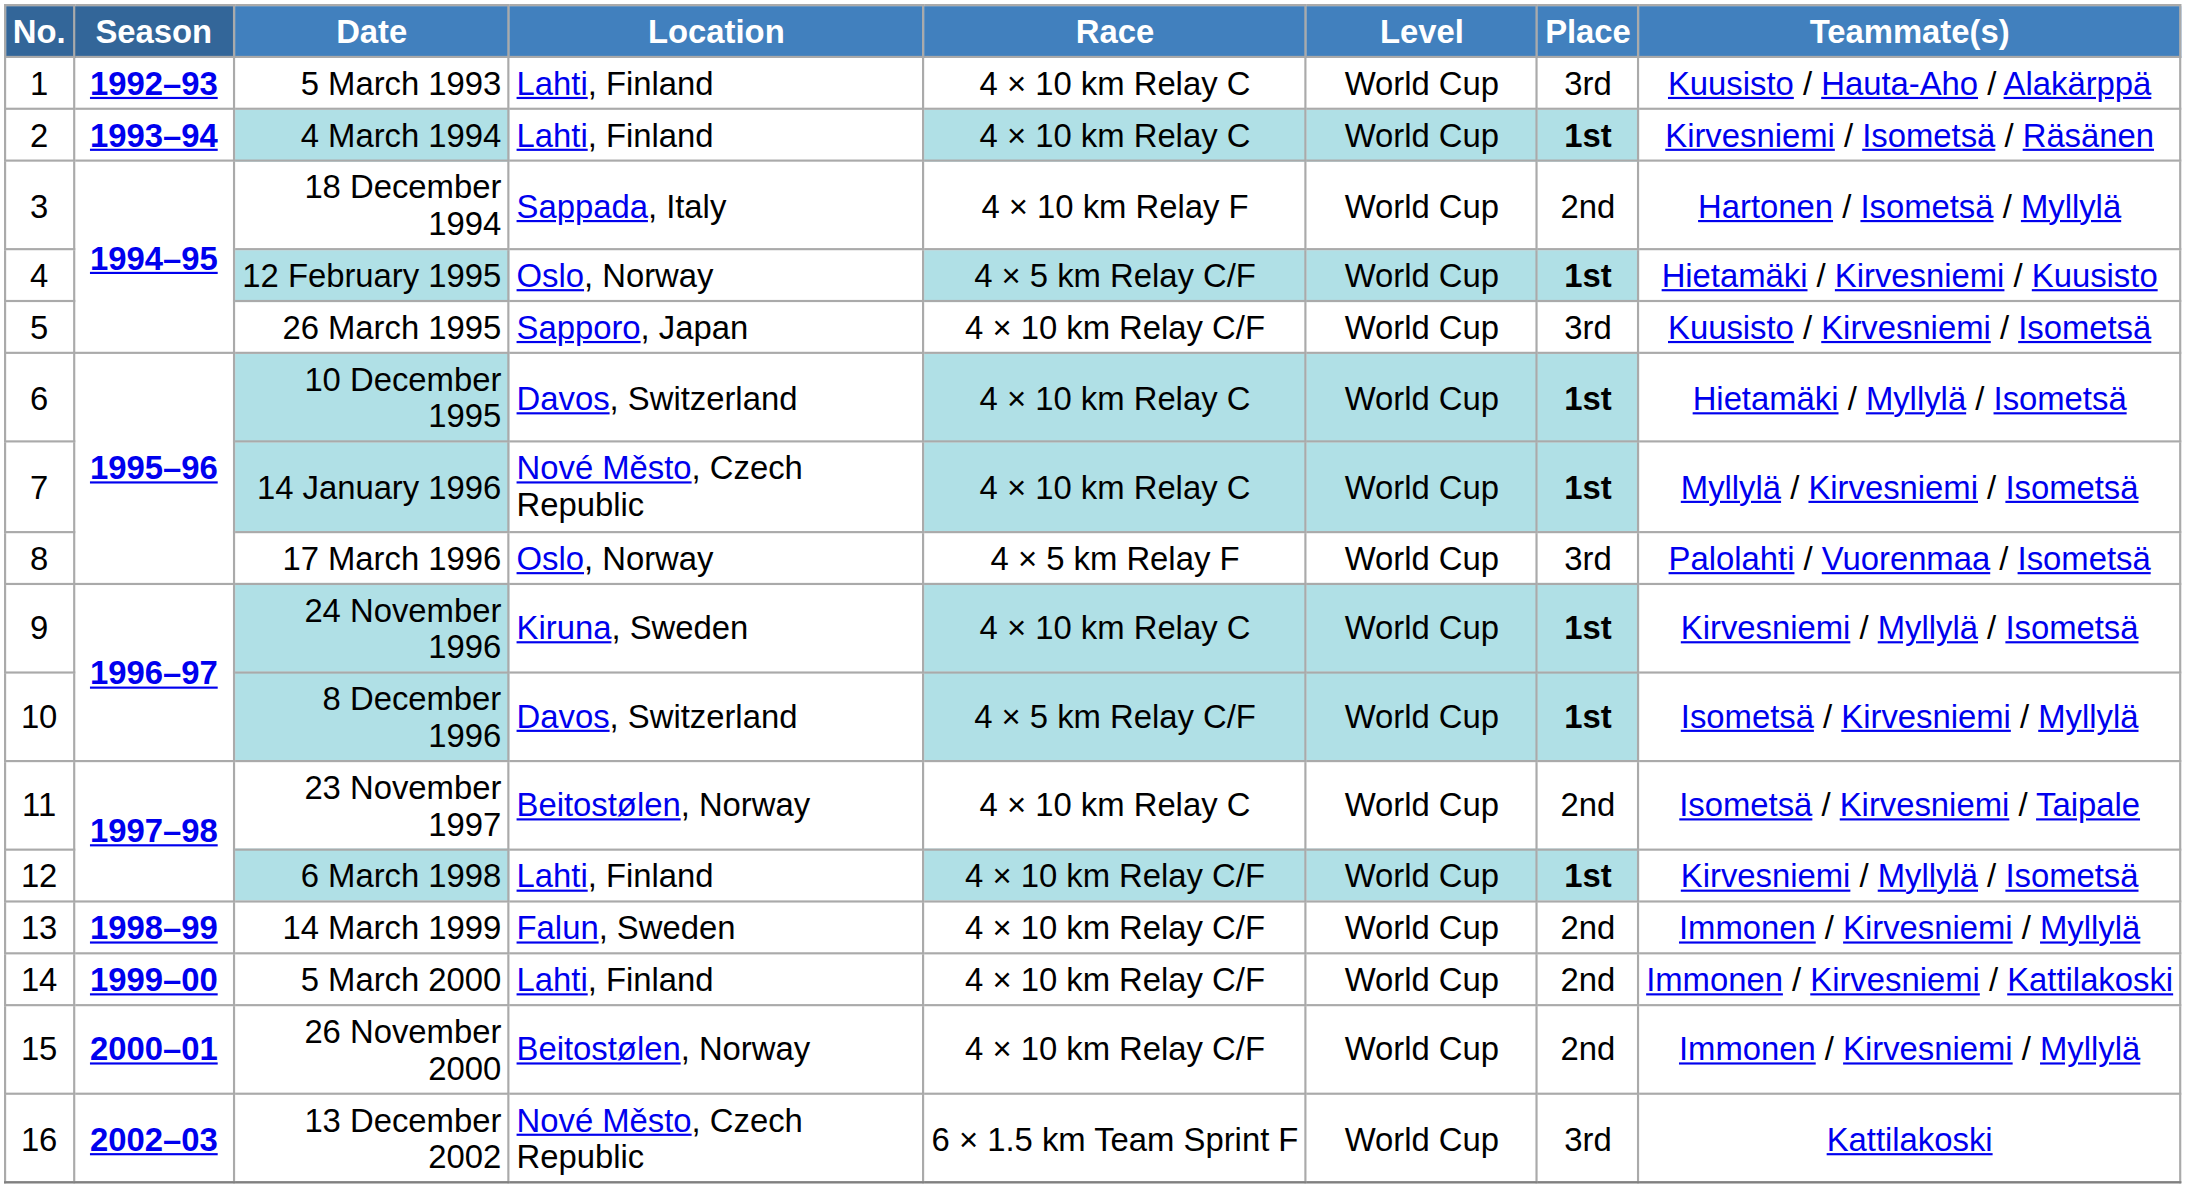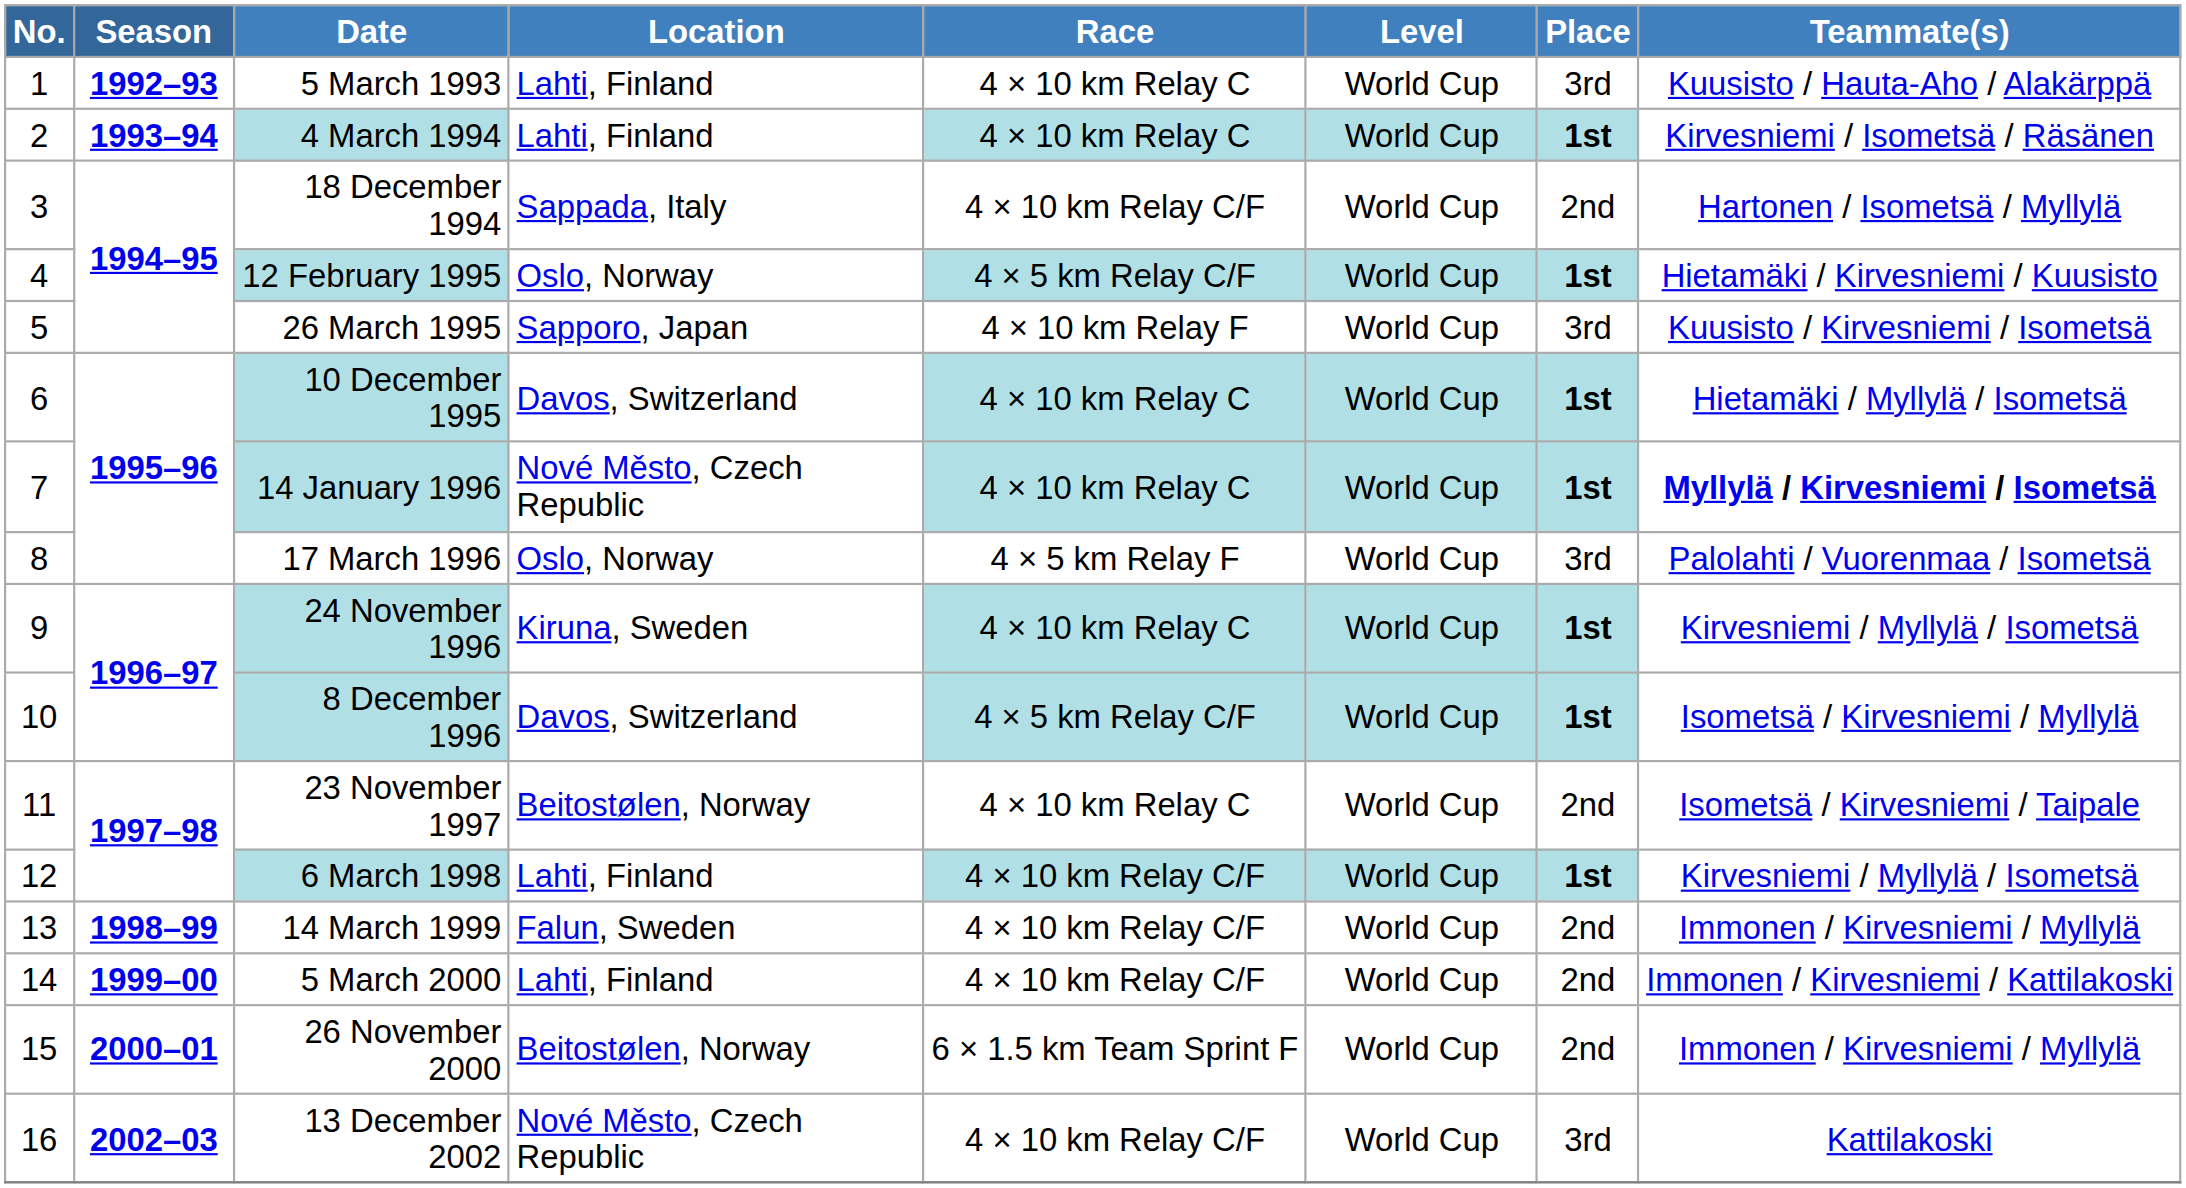 <table class="wikitable sortable" style="font-size:95%; text-align:center; border:grey solid 1px; border-collapse:collapse; background:#ffffff;">
 <tr style="background:#efefef;">
 <th style="background-color:#369; color:white;">No.</th>
 <th style="background-color:#369; color:white;">Season</th>
 <th style="background-color:#4180be; color:white; width:120px;">Date</th>
 <th style="background-color:#4180be; color:white; width:185px;">Location</th>
 <th style="background-color:#4180be; color:white; width:170px;">Race</th>
 <th style="background-color:#4180be; color:white; width:100px;">Level</th>
 <th style="background-color:#4180be; color:white;">Place</th>
 <th style="background-color:#4180be; color:white;">Teammate(s)</th>
 </tr>
 <tr>
 <td align=center>1</td>
 <td rowspan=1 align=center><strong><a href='#'>1992–93</a></strong></td>
 <td align=right>5 March 1993</td>
 <td align=left> <a href='#'>Lahti</a>, Finland</td>
 <td>4 × 10 km Relay C</td>
 <td>World Cup</td>
 <td>3rd</td>
 <td><a href='#'>Kuusisto</a> / <a href='#'>Hauta-Aho</a> / <a href='#'>Alakärppä</a></td>
 </tr>
 <tr>
 <td align=center>2</td>
 <td rowspan=1 align=center><strong><a href='#'>1993–94</a></strong></td>
 <td bgcolor="#BOEOE6" align=right>4 March 1994</td>
 <td align=left> <a href='#'>Lahti</a>, Finland</td>
 <td bgcolor="#BOEOE6">4 × 10 km Relay C</td>
 <td bgcolor="#BOEOE6">World Cup</td>
 <td bgcolor="#BOEOE6"><strong>1st</strong></td>
 <td><a href='#'>Kirvesniemi</a> / <a href='#'>Isometsä</a> / <a href='#'>Räsänen</a></td>
 </tr>
 <tr>
 <td align=center>3</td>
 <td rowspan=3 align=center><strong> <a href='#'>1994–95</a> </strong></td>
 <td align=right>18 December 1994</td>
 <td align=left> <a href='#'>Sappada</a>, Italy</td>
-<td>4 × 10 km Relay F</td>
+<td>4 × 10 km Relay C/F</td>
 <td>World Cup</td>
 <td>2nd</td>
 <td><a href='#'>Hartonen</a> / <a href='#'>Isometsä</a> / <a href='#'>Myllylä</a></td>
 </tr>
 <tr>
 <td align=center>4</td>
 <td bgcolor="#BOEOE6" align=right>12 February 1995</td>
 <td align=left> <a href='#'>Oslo</a>, Norway</td>
 <td bgcolor="#BOEOE6">4 × 5 km Relay C/F</td>
 <td bgcolor="#BOEOE6">World Cup</td>
 <td bgcolor="#BOEOE6"><strong>1st</strong></td>
 <td><a href='#'>Hietamäki</a> / <a href='#'>Kirvesniemi</a> / <a href='#'>Kuusisto</a></td>
 </tr>
 <tr>
 <td align=center>5</td>
 <td align=right>26 March 1995</td>
 <td align=left> <a href='#'>Sapporo</a>, Japan</td>
-<td>4 × 10 km Relay C/F</td>
+<td>4 × 10 km Relay F</td>
 <td>World Cup</td>
 <td>3rd</td>
 <td><a href='#'>Kuusisto</a> / <a href='#'>Kirvesniemi</a> / <a href='#'>Isometsä</a></td>
 </tr>
 <tr>
 <td align=center>6</td>
 <td rowspan=3 align=center><strong><a href='#'>1995–96</a></strong></td>
 <td bgcolor="#BOEOE6" align=right>10 December 1995</td>
 <td align=left> <a href='#'>Davos</a>, Switzerland</td>
 <td bgcolor="#BOEOE6">4 × 10 km Relay C</td>
 <td bgcolor="#BOEOE6">World Cup</td>
 <td bgcolor="#BOEOE6"><strong>1st</strong></td>
 <td><a href='#'>Hietamäki</a> / <a href='#'>Myllylä</a> / <a href='#'>Isometsä</a></td>
 </tr>
 <tr>
 <td align=center>7</td>
 <td bgcolor="#BOEOE6" align=right>14 January 1996</td>
 <td align=left> <a href='#'>Nové Město</a>, Czech Republic</td>
 <td bgcolor="#BOEOE6">4 × 10 km Relay C</td>
 <td bgcolor="#BOEOE6">World Cup</td>
 <td bgcolor="#BOEOE6"><strong>1st</strong></td>
-<td><a href='#'>Myllylä</a> / <a href='#'>Kirvesniemi</a> / <a href='#'>Isometsä</a></td>
+<td><strong><a href='#'>Myllylä</a> / <a href='#'>Kirvesniemi</a> / <a href='#'>Isometsä</a></strong></td>
 </tr>
 <tr>
 <td align=center>8</td>
 <td align=right>17 March 1996</td>
 <td align=left> <a href='#'>Oslo</a>, Norway</td>
 <td>4 × 5 km Relay F</td>
 <td>World Cup</td>
 <td>3rd</td>
 <td><a href='#'>Palolahti</a> / <a href='#'>Vuorenmaa</a> / <a href='#'>Isometsä</a></td>
 </tr>
 <tr>
 <td align=center>9</td>
 <td rowspan=2 align=center><strong><a href='#'>1996–97</a></strong></td>
 <td bgcolor="#BOEOE6" align=right>24 November 1996</td>
 <td align=left> <a href='#'>Kiruna</a>, Sweden</td>
 <td bgcolor="#BOEOE6">4 × 10 km Relay C</td>
 <td bgcolor="#BOEOE6">World Cup</td>
 <td bgcolor="#BOEOE6"><strong>1st</strong></td>
 <td><a href='#'>Kirvesniemi</a> / <a href='#'>Myllylä</a> / <a href='#'>Isometsä</a></td>
 </tr>
 <tr>
 <td align=center>10</td>
 <td bgcolor="#BOEOE6" align=right>8 December 1996</td>
 <td align=left> <a href='#'>Davos</a>, Switzerland</td>
 <td bgcolor="#BOEOE6">4 × 5 km Relay C/F</td>
 <td bgcolor="#BOEOE6">World Cup</td>
 <td bgcolor="#BOEOE6"><strong>1st</strong></td>
 <td><a href='#'>Isometsä</a> / <a href='#'>Kirvesniemi</a> / <a href='#'>Myllylä</a></td>
 </tr>
 <tr>
 <td align=center>11</td>
 <td rowspan=2 align=center><strong> <a href='#'>1997–98</a> </strong></td>
 <td align=right>23 November 1997</td>
 <td align=left> <a href='#'>Beitostølen</a>, Norway</td>
 <td>4 × 10 km Relay C</td>
 <td>World Cup</td>
 <td>2nd</td>
 <td><a href='#'>Isometsä</a> / <a href='#'>Kirvesniemi</a> / <a href='#'>Taipale</a></td>
 </tr>
 <tr>
 <td align=center>12</td>
 <td bgcolor="#BOEOE6" align=right>6 March 1998</td>
 <td align=left> <a href='#'>Lahti</a>, Finland</td>
 <td bgcolor="#BOEOE6">4 × 10 km Relay C/F</td>
 <td bgcolor="#BOEOE6">World Cup</td>
 <td bgcolor="#BOEOE6"><strong>1st</strong></td>
 <td><a href='#'>Kirvesniemi</a> / <a href='#'>Myllylä</a> / <a href='#'>Isometsä</a></td>
 </tr>
 <tr>
 <td align=center>13</td>
 <td rowspan=1 align=center><strong> <a href='#'>1998–99</a> </strong></td>
 <td align=right>14 March 1999</td>
 <td align=left> <a href='#'>Falun</a>, Sweden</td>
 <td>4 × 10 km Relay C/F</td>
 <td>World Cup</td>
 <td>2nd</td>
 <td><a href='#'>Immonen</a> / <a href='#'>Kirvesniemi</a> / <a href='#'>Myllylä</a></td>
 </tr>
 <tr>
 <td align=center>14</td>
 <td rowspan=1 align=center><strong><a href='#'>1999–00</a></strong></td>
 <td align=right>5 March 2000</td>
 <td align=left> <a href='#'>Lahti</a>, Finland</td>
 <td>4 × 10 km Relay C/F</td>
 <td>World Cup</td>
 <td>2nd</td>
 <td><a href='#'>Immonen</a> / <a href='#'>Kirvesniemi</a> / <a href='#'>Kattilakoski</a></td>
 </tr>
 <tr>
 <td align=center>15</td>
 <td rowspan=1 align=center><strong> <a href='#'>2000–01</a> </strong></td>
 <td align=right>26 November 2000</td>
 <td align=left> <a href='#'>Beitostølen</a>, Norway</td>
-<td>4 × 10 km Relay C/F</td>
+<td>6 × 1.5 km Team Sprint F</td>
 <td>World Cup</td>
 <td>2nd</td>
 <td><a href='#'>Immonen</a> / <a href='#'>Kirvesniemi</a> / <a href='#'>Myllylä</a></td>
 </tr>
 <tr>
 <td align=center>16</td>
 <td rowspan=1 align=center><strong><a href='#'>2002–03</a></strong></td>
 <td align=right>13 December 2002</td>
 <td align=left> <a href='#'>Nové Město</a>, Czech Republic</td>
-<td>6 × 1.5 km Team Sprint F</td>
+<td>4 × 10 km Relay C/F</td>
 <td>World Cup</td>
 <td>3rd</td>
 <td><a href='#'>Kattilakoski</a></td>
 </tr>
 <tr>
 </tr>
 </table>
